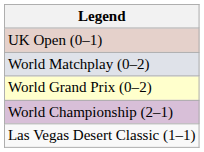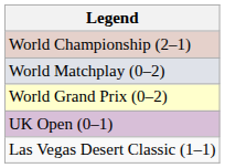 <table class="wikitable">
 <tr>
 <th>Legend</th>
 </tr>
 <tr style="background:#e5d1cb;">
-<td>UK Open (0–1)</td>
+<td>World Championship (2–1)</td>
 </tr>
 <tr style="background:#dfe2e9;">
 <td>World Matchplay (0–2)</td>
 </tr>
 <tr style="background:#ffc;">
 <td>World Grand Prix (0–2)</td>
 </tr>
 <tr style="background:thistle">
-<td>World Championship (2–1)</td>
+<td>UK Open (0–1)</td>
 </tr>
 <tr>
 <td>Las Vegas Desert Classic (1–1)</td>
 </tr>
 </table>
